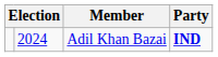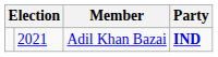 <table class="wikitable">
 <tr>
 <th colspan="2">Election</th>
 <th>Member</th>
 <th>Party</th>
 </tr>
 <tr>
 <td style="background-color: "></td>
-<td><a href='#'>2024</a></td>
+<td><a href='#'>2021</a></td>
 <td><a href='#'>Adil Khan Bazai</a></td>
 <td><strong><a href='#'>IND</a></strong></td>
 </tr>
 </table>
